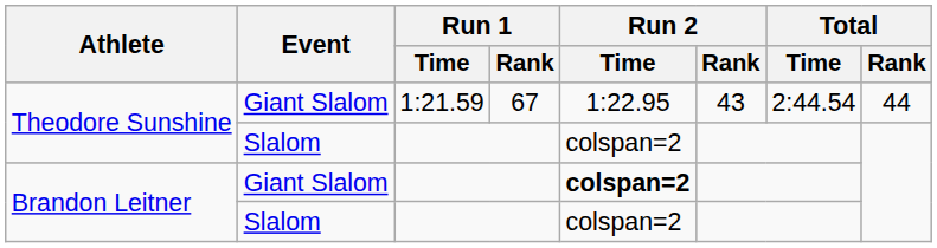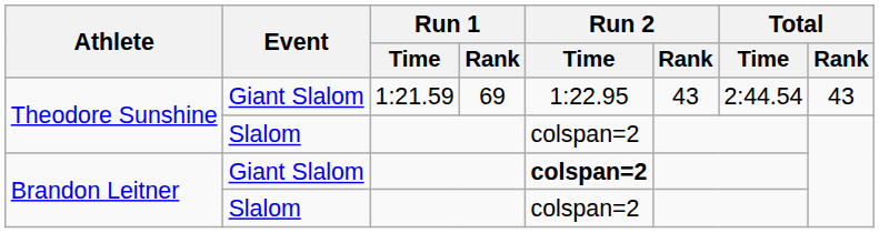 <table class="wikitable" style="font-size:90%">
 <tr>
 <th rowspan=2>Athlete</th>
 <th rowspan=2>Event</th>
 <th colspan=2>Run 1</th>
 <th colspan=2>Run 2</th>
 <th colspan=2>Total</th>
 </tr>
 <tr style="font-size:95%">
 <th>Time</th>
 <th>Rank</th>
 <th>Time</th>
 <th>Rank</th>
 <th>Time</th>
 <th>Rank</th>
 </tr>
 <tr align=center>
 <td rowspan="2" align="left"><a href='#'>Theodore Sunshine</a></td>
 <td><a href='#'>Giant Slalom</a></td>
 <td>1:21.59</td>
-<td>67</td>
+<td>69</td>
 <td>1:22.95</td>
 <td>43</td>
 <td>2:44.54</td>
-<td>44</td>
+<td>43</td>
 </tr>
 <tr>
 <td><a href='#'>Slalom</a></td>
 <td align=center colspan=2></td>
 <td>colspan=2 </td>
 <td align=center colspan=2></td>
 </tr>
 <tr align=center>
 <td rowspan="2" align="left"><a href='#'>Brandon Leitner</a></td>
 <td><a href='#'>Giant Slalom</a></td>
 <td align=center colspan=2></td>
 <td><strong>colspan=2 </strong></td>
 <td align=center colspan=2></td>
 </tr>
 <tr>
 <td><a href='#'>Slalom</a></td>
 <td align=center colspan=2></td>
 <td>colspan=2 </td>
 <td align=center colspan=2></td>
 </tr>
 </table>
